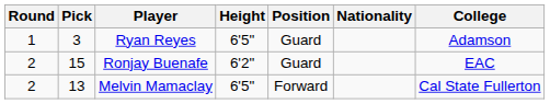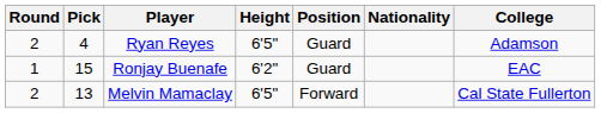 <table class="wikitable sortable sortable">
 <tr>
 <th>Round</th>
 <th>Pick</th>
 <th>Player</th>
 <th>Height</th>
 <th>Position</th>
 <th>Nationality</th>
 <th>College</th>
 </tr>
 <tr style="text-align: center">
-<td>1</td>
-<td>3</td>
+<td>2</td>
+<td>4</td>
 <td><a href='#'>Ryan Reyes</a></td>
 <td>6'5"</td>
 <td>Guard</td>
 <td></td>
 <td><a href='#'>Adamson</a></td>
 </tr>
 <tr style="text-align: center">
-<td>2</td>
+<td>1</td>
 <td>15</td>
 <td><a href='#'>Ronjay Buenafe</a></td>
 <td>6'2"</td>
 <td>Guard</td>
 <td></td>
 <td><a href='#'>EAC</a></td>
 </tr>
 <tr style="text-align: center">
 <td>2</td>
 <td>13</td>
 <td><a href='#'>Melvin Mamaclay</a></td>
 <td>6'5"</td>
 <td>Forward</td>
 <td></td>
 <td><a href='#'>Cal State Fullerton</a></td>
 </tr>
 </table>
